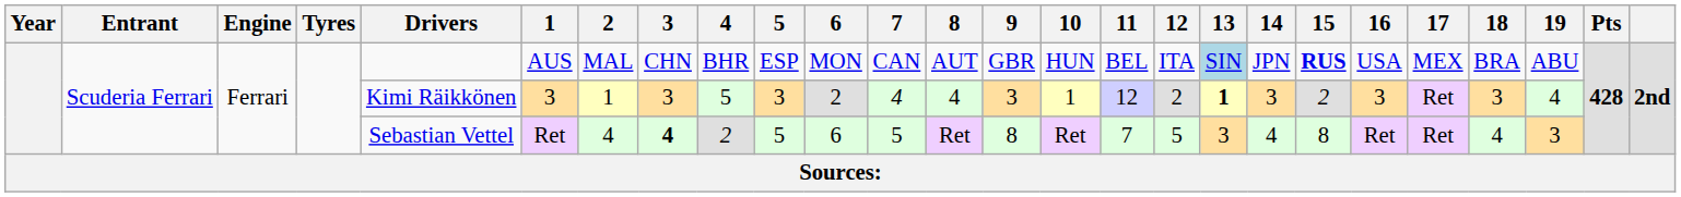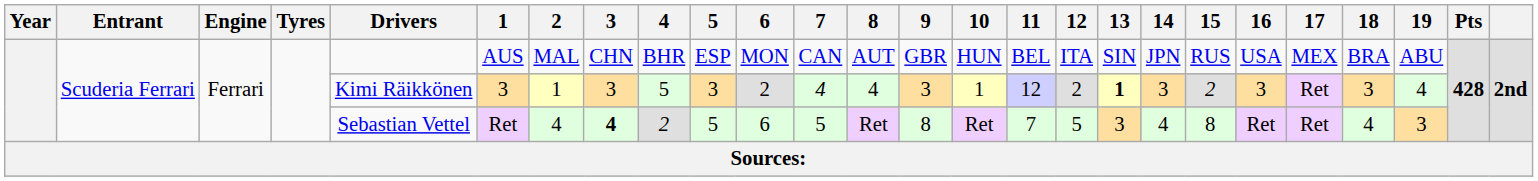 <table class="wikitable" style="text-align:center; font-size:90%">
 <tr>
 <th>Year</th>
 <th>Entrant</th>
 <th>Engine</th>
 <th>Tyres</th>
 <th>Drivers</th>
 <th>1</th>
 <th>2</th>
 <th>3</th>
 <th>4</th>
 <th>5</th>
 <th>6</th>
 <th>7</th>
 <th>8</th>
 <th>9</th>
 <th>10</th>
 <th>11</th>
 <th>12</th>
 <th>13</th>
 <th>14</th>
 <th>15</th>
 <th>16</th>
 <th>17</th>
 <th>18</th>
 <th>19</th>
 <th>Pts</th>
 <th></th>
 </tr>
 <tr>
 <th rowspan=3></th>
 <td rowspan=3><a href='#'>Scuderia Ferrari</a></td>
 <td rowspan=3>Ferrari</td>
 <td rowspan=3></td>
 <td></td>
 <td><a href='#'>AUS</a></td>
 <td><a href='#'>MAL</a></td>
 <td><a href='#'>CHN</a></td>
 <td><a href='#'>BHR</a></td>
 <td><a href='#'>ESP</a></td>
 <td><a href='#'>MON</a></td>
 <td><a href='#'>CAN</a></td>
 <td><a href='#'>AUT</a></td>
 <td><a href='#'>GBR</a></td>
 <td><a href='#'>HUN</a></td>
 <td><a href='#'>BEL</a></td>
 <td><a href='#'>ITA</a></td>
-<td style="background: lightblue;"><a href='#'>SIN</a></td>
+<td><a href='#'>SIN</a></td>
 <td><a href='#'>JPN</a></td>
-<td><strong><a href='#'>RUS</a></strong></td>
+<td><a href='#'>RUS</a></td>
 <td><a href='#'>USA</a></td>
 <td><a href='#'>MEX</a></td>
 <td><a href='#'>BRA</a></td>
 <td><a href='#'>ABU</a></td>
 <td rowspan="3" style="background-color:#DFDFDF"><strong>428</strong></td>
 <td rowspan="3" style="background-color:#DFDFDF"><strong>2nd</strong></td>
 </tr>
 <tr>
 <td align="center"><a href='#'>Kimi Räikkönen</a></td>
 <td style="background-color:#ffdf9f">3</td>
 <td style="background-color:#ffffbf">1</td>
 <td style="background-color:#ffdf9f">3</td>
 <td style="background-color:#DFFFDF">5</td>
 <td style="background-color:#ffdf9f">3</td>
 <td style="background-color:#DFDFDF">2</td>
 <td style="background-color:#DFFFDF"><em>4</em></td>
 <td style="background-color:#DFFFDF">4</td>
 <td style="background-color:#ffdf9f">3</td>
 <td style="background-color:#ffffbf">1</td>
 <td style="background-color:#CFCFFF">12</td>
 <td style="background-color:#DFDFDF">2</td>
 <td style="background-color:#ffffbf"><strong>1</strong></td>
 <td style="background-color:#ffdf9f">3</td>
 <td style="background-color:#DFDFDF"><em>2</em></td>
 <td style="background-color:#ffdf9f">3</td>
 <td style="background-color:#efcfff">Ret</td>
 <td style="background-color:#ffdf9f">3</td>
 <td style="background-color:#DFFFDF">4</td>
 </tr>
 <tr>
 <td align="center"><a href='#'>Sebastian Vettel</a></td>
 <td style="background-color:#efcfff">Ret</td>
 <td style="background-color:#dfffdf">4</td>
 <td style="background-color:#dfffdf"><strong>4</strong></td>
 <td style="background-color:#DFDFDF"><em>2</em></td>
 <td style="background-color:#DFFFDF">5</td>
 <td style="background-color:#DFFFDF">6</td>
 <td style="background-color:#DFFFDF">5</td>
 <td style="background-color:#efcfff">Ret</td>
 <td style="background-color:#DFFFDF">8</td>
 <td style="background-color:#efcfff">Ret</td>
 <td style="background-color:#DFFFDF">7</td>
 <td style="background-color:#DFFFDF">5</td>
 <td style="background-color:#ffdf9f">3</td>
 <td style="background-color:#dfffdf">4</td>
 <td style="background-color:#DFFFDF">8</td>
 <td style="background-color:#efcfff">Ret</td>
 <td style="background-color:#efcfff">Ret</td>
 <td style="background-color:#dfffdf">4</td>
 <td style="background-color:#ffdf9f">3</td>
 </tr>
 <tr>
 <th colspan="26">Sources:</th>
 </tr>
 </table>
